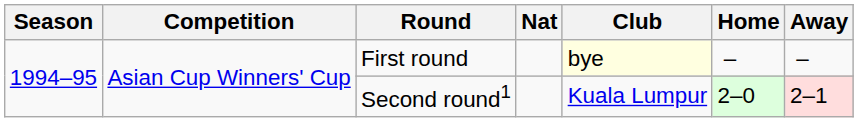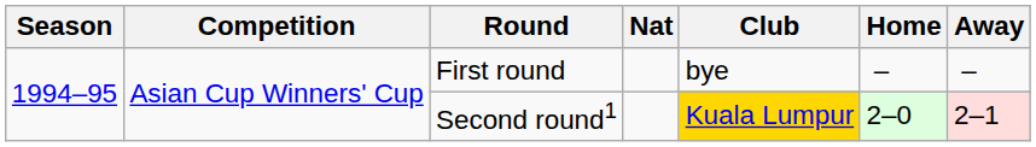 <table class="wikitable">
 <tr>
 <th>Season</th>
 <th>Competition</th>
 <th>Round</th>
 <th>Nat</th>
 <th>Club</th>
 <th>Home</th>
 <th>Away</th>
 </tr>
 <tr>
 <td rowspan="2"><a href='#'>1994–95</a></td>
 <td rowspan="2"><a href='#'>Asian Cup Winners' Cup</a></td>
 <td>First round</td>
 <td></td>
-<td style="background: lightyellow;">bye</td>
+<td>bye</td>
 <td> –</td>
 <td> –</td>
 </tr>
 <tr>
 <td>Second round<sup>1</sup></td>
 <td></td>
-<td><a href='#'>Kuala Lumpur</a></td>
+<td style="background: gold;"><a href='#'>Kuala Lumpur</a></td>
 <td style="background:#dfd;">2–0</td>
 <td style="background:#fdd;">2–1</td>
 </tr>
 </table>
